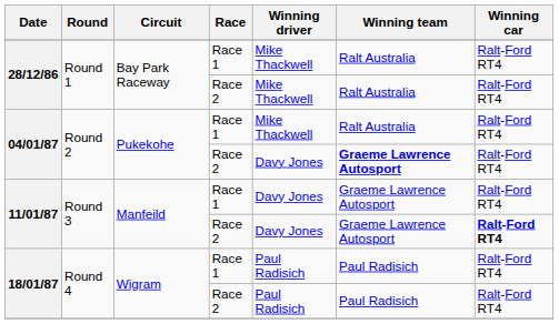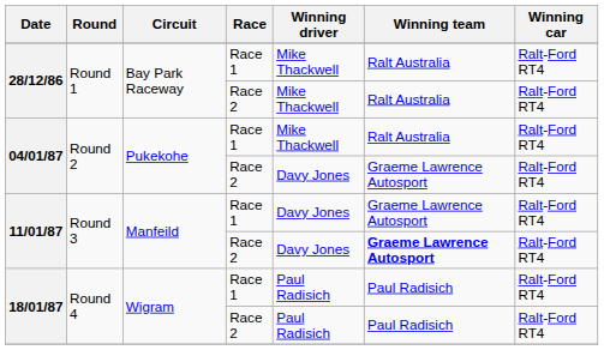 <table class="wikitable" style="font-size: 90%;">
 <tr>
 <th>Date</th>
 <th>Round</th>
 <th>Circuit</th>
 <th>Race</th>
 <th>Winning driver</th>
 <th>Winning team</th>
 <th>Winning car</th>
 </tr>
 <tr>
 </tr>
 <tr>
 <th rowspan=2>28/12/86</th>
 <td rowspan=2>Round 1</td>
 <td rowspan=2> Bay Park Raceway</td>
 <td>Race 1</td>
 <td> <a href='#'>Mike Thackwell</a></td>
 <td><a href='#'>Ralt Australia</a></td>
 <td><a href='#'>Ralt</a>-<a href='#'>Ford</a> RT4</td>
 </tr>
 <tr>
 <td>Race 2</td>
 <td> <a href='#'>Mike Thackwell</a></td>
 <td><a href='#'>Ralt Australia</a></td>
 <td><a href='#'>Ralt</a>-<a href='#'>Ford</a> RT4</td>
 </tr>
 <tr>
 <th rowspan=2>04/01/87</th>
 <td rowspan=2>Round 2</td>
 <td rowspan=2> <a href='#'>Pukekohe</a></td>
 <td>Race 1</td>
 <td> <a href='#'>Mike Thackwell</a></td>
 <td><a href='#'>Ralt Australia</a></td>
 <td><a href='#'>Ralt</a>-<a href='#'>Ford</a> RT4</td>
 </tr>
 <tr>
 <td>Race 2</td>
 <td> <a href='#'>Davy Jones</a></td>
-<td><strong><a href='#'>Graeme Lawrence Autosport</a></strong></td>
+<td><a href='#'>Graeme Lawrence Autosport</a></td>
 <td><a href='#'>Ralt</a>-<a href='#'>Ford</a> RT4</td>
 </tr>
 <tr>
 <th rowspan=2>11/01/87</th>
 <td rowspan=2>Round 3</td>
 <td rowspan=2> <a href='#'>Manfeild</a></td>
 <td>Race 1</td>
 <td> <a href='#'>Davy Jones</a></td>
 <td><a href='#'>Graeme Lawrence Autosport</a></td>
 <td><a href='#'>Ralt</a>-<a href='#'>Ford</a> RT4</td>
 </tr>
 <tr>
 <td>Race 2</td>
 <td> <a href='#'>Davy Jones</a></td>
-<td><a href='#'>Graeme Lawrence Autosport</a></td>
-<td><strong><a href='#'>Ralt</a>-<a href='#'>Ford</a> RT4</strong></td>
+<td><strong><a href='#'>Graeme Lawrence Autosport</a></strong></td>
+<td><a href='#'>Ralt</a>-<a href='#'>Ford</a> RT4</td>
 </tr>
 <tr>
 <th rowspan=2>18/01/87</th>
 <td rowspan=2>Round 4</td>
 <td rowspan=2> <a href='#'>Wigram</a></td>
 <td>Race 1</td>
 <td> <a href='#'>Paul Radisich</a></td>
 <td><a href='#'>Paul Radisich</a></td>
 <td><a href='#'>Ralt</a>-<a href='#'>Ford</a> RT4</td>
 </tr>
 <tr>
 <td>Race 2</td>
 <td> <a href='#'>Paul Radisich</a></td>
 <td><a href='#'>Paul Radisich</a></td>
 <td><a href='#'>Ralt</a>-<a href='#'>Ford</a> RT4</td>
 </tr>
 <tr>
 </tr>
 </table>
